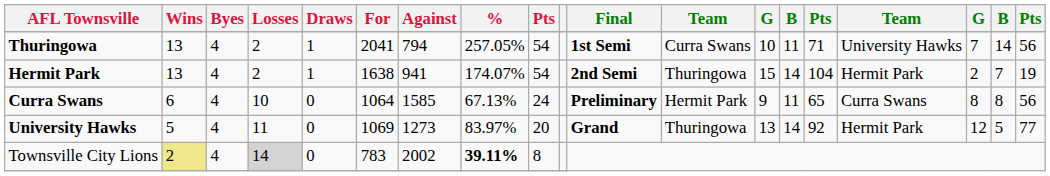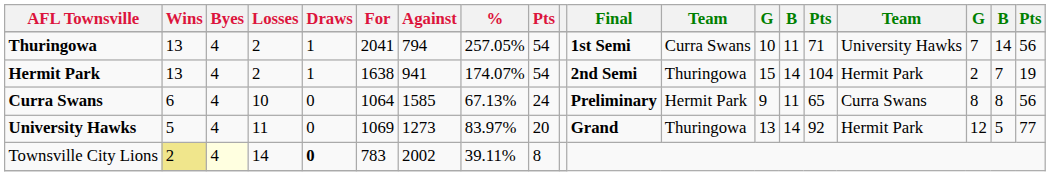 <table class="wikitable" style="font-size: 85%; text-align: left">
 <tr>
 <th style="color:crimson">AFL Townsville</th>
 <th style="color:crimson">Wins</th>
 <th style="color:crimson">Byes</th>
 <th style="color:crimson">Losses</th>
 <th style="color:crimson">Draws</th>
 <th style="color:crimson">For</th>
 <th style="color:crimson">Against</th>
 <th style="color:crimson">%</th>
 <th style="color:crimson">Pts</th>
 <th></th>
 <th style="color:green">Final</th>
 <th style="color:green">Team</th>
 <th style="color:green">G</th>
 <th style="color:green">B</th>
 <th style="color:green">Pts</th>
 <th style="color:green">Team</th>
 <th style="color:green">G</th>
 <th style="color:green">B</th>
 <th style="color:green">Pts</th>
 </tr>
 <tr>
 </tr>
 <tr>
 </tr>
 <tr>
 <td><strong>	Thuringowa	</strong></td>
 <td>13</td>
 <td>4</td>
 <td>2</td>
 <td>1</td>
 <td>2041</td>
 <td>794</td>
 <td>257.05%</td>
 <td>54</td>
 <td></td>
 <td><strong>1st Semi</strong></td>
 <td>Curra Swans</td>
 <td>10</td>
 <td>11</td>
 <td>71</td>
 <td>University Hawks</td>
 <td>7</td>
 <td>14</td>
 <td>56</td>
 </tr>
 <tr>
 <td><strong>	Hermit Park	</strong></td>
 <td>13</td>
 <td>4</td>
 <td>2</td>
 <td>1</td>
 <td>1638</td>
 <td>941</td>
 <td>174.07%</td>
 <td>54</td>
 <td></td>
 <td><strong>2nd Semi</strong></td>
 <td>Thuringowa</td>
 <td>15</td>
 <td>14</td>
 <td>104</td>
 <td>Hermit Park</td>
 <td>2</td>
 <td>7</td>
 <td>19</td>
 </tr>
 <tr>
 <td><strong>	Curra Swans	</strong></td>
 <td>6</td>
 <td>4</td>
 <td>10</td>
 <td>0</td>
 <td>1064</td>
 <td>1585</td>
 <td>67.13%</td>
 <td>24</td>
 <td></td>
 <td><strong>Preliminary</strong></td>
 <td>Hermit Park</td>
 <td>9</td>
 <td>11</td>
 <td>65</td>
 <td>Curra Swans</td>
 <td>8</td>
 <td>8</td>
 <td>56</td>
 </tr>
 <tr>
 <td><strong>	University Hawks	</strong></td>
 <td>5</td>
 <td>4</td>
 <td>11</td>
 <td>0</td>
 <td>1069</td>
 <td>1273</td>
 <td>83.97%</td>
 <td>20</td>
 <td></td>
 <td><strong>Grand</strong></td>
 <td>Thuringowa</td>
 <td>13</td>
 <td>14</td>
 <td>92</td>
 <td>Hermit Park</td>
 <td>12</td>
 <td>5</td>
 <td>77</td>
 </tr>
 <tr>
 <td>Townsville City Lions</td>
 <td style="background: khaki;">2</td>
-<td>4</td>
-<td style="background: lightgrey;">14</td>
-<td>0</td>
+<td style="background: lightyellow;">4</td>
+<td>14</td>
+<td><strong>0</strong></td>
 <td>783</td>
 <td>2002</td>
-<td><strong>39.11%</strong></td>
+<td>39.11%</td>
 <td>8</td>
 <td></td>
 </tr>
 <tr>
 </tr>
 </table>
